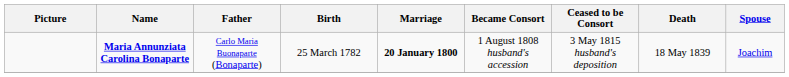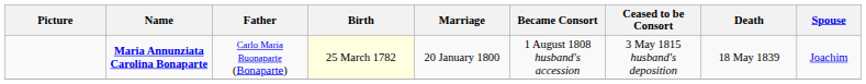 <table width=95% class="wikitable">
 <tr>
 <th width = "9.5%">Picture</th>
 <th width = "10%">Name</th>
 <th width = "9%">Father</th>
 <th width = "10%">Birth</th>
 <th width = "9%">Marriage</th>
 <th width = "9%">Became Consort</th>
 <th width = "9%">Ceased to be Consort</th>
 <th width = "9%">Death</th>
 <th width = "6%"><a href='#'>Spouse</a></th>
 </tr>
 <tr>
 <td align="center"></td>
 <td align="center"><strong><a href='#'>Maria Annunziata Carolina Bonaparte</a></strong></td>
 <td align="center"><small><a href='#'>Carlo Maria Buonaparte</a></small><br>(<a href='#'>Bonaparte</a>)</td>
-<td align="center">25 March 1782</td>
-<td align="center"><strong>20 January 1800</strong></td>
+<td align="center" style="background: lightyellow;">25 March 1782</td>
+<td align="center">20 January 1800</td>
 <td align="center">1 August 1808<br><em>husband's accession</em></td>
 <td align="center">3 May 1815<br><em>husband's deposition</em></td>
 <td align="center">18 May 1839</td>
 <td align="center"><a href='#'>Joachim</a></td>
 </tr>
 <tr>
 </tr>
 </table>
